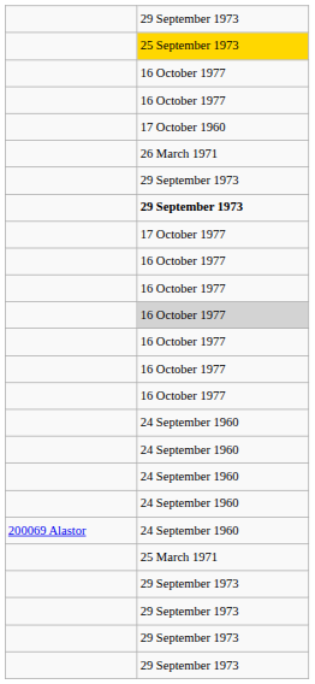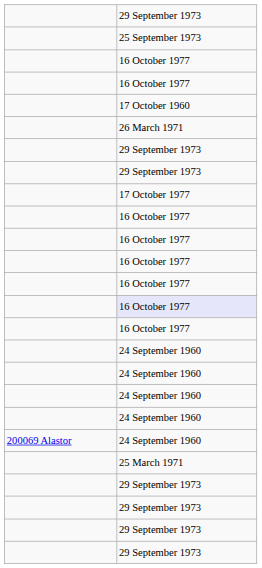 <table class="wikitable" style="font-size: 89%; float: left; width: 24em; margin-right: 1em; line-height: 1.65em">
 <tr>
 <td></td>
 <td>29 September 1973</td>
 </tr>
 <tr>
 <td></td>
-<td style="background: gold;">25 September 1973</td>
+<td>25 September 1973</td>
 </tr>
 <tr>
 <td></td>
 <td>16 October 1977</td>
 </tr>
 <tr>
 <td></td>
 <td>16 October 1977</td>
 </tr>
 <tr>
 <td></td>
 <td>17 October 1960</td>
 </tr>
 <tr>
 <td></td>
 <td>26 March 1971</td>
 </tr>
 <tr>
 <td></td>
 <td>29 September 1973</td>
 </tr>
 <tr>
 <td></td>
-<td><strong>29 September 1973</strong></td>
+<td>29 September 1973</td>
 </tr>
 <tr>
 <td></td>
 <td>17 October 1977</td>
 </tr>
 <tr>
 <td></td>
 <td>16 October 1977</td>
 </tr>
 <tr>
 <td></td>
 <td>16 October 1977</td>
 </tr>
 <tr>
 <td></td>
-<td style="background: lightgrey;">16 October 1977</td>
+<td>16 October 1977</td>
 </tr>
 <tr>
 <td></td>
 <td>16 October 1977</td>
 </tr>
 <tr>
 <td></td>
-<td>16 October 1977</td>
+<td style="background: lavender;">16 October 1977</td>
 </tr>
 <tr>
 <td></td>
 <td>16 October 1977</td>
 </tr>
 <tr>
 <td></td>
 <td>24 September 1960</td>
 </tr>
 <tr>
 <td></td>
 <td>24 September 1960</td>
 </tr>
 <tr>
 <td></td>
 <td>24 September 1960</td>
 </tr>
 <tr>
 <td></td>
 <td>24 September 1960</td>
 </tr>
 <tr>
 <td><a href='#'>200069 Alastor</a></td>
 <td>24 September 1960</td>
 </tr>
 <tr>
 <td></td>
 <td>25 March 1971</td>
 </tr>
 <tr>
 <td></td>
 <td>29 September 1973</td>
 </tr>
 <tr>
 <td></td>
 <td>29 September 1973</td>
 </tr>
 <tr>
 <td></td>
 <td>29 September 1973</td>
 </tr>
 <tr>
 <td></td>
 <td>29 September 1973</td>
 </tr>
 </table>
